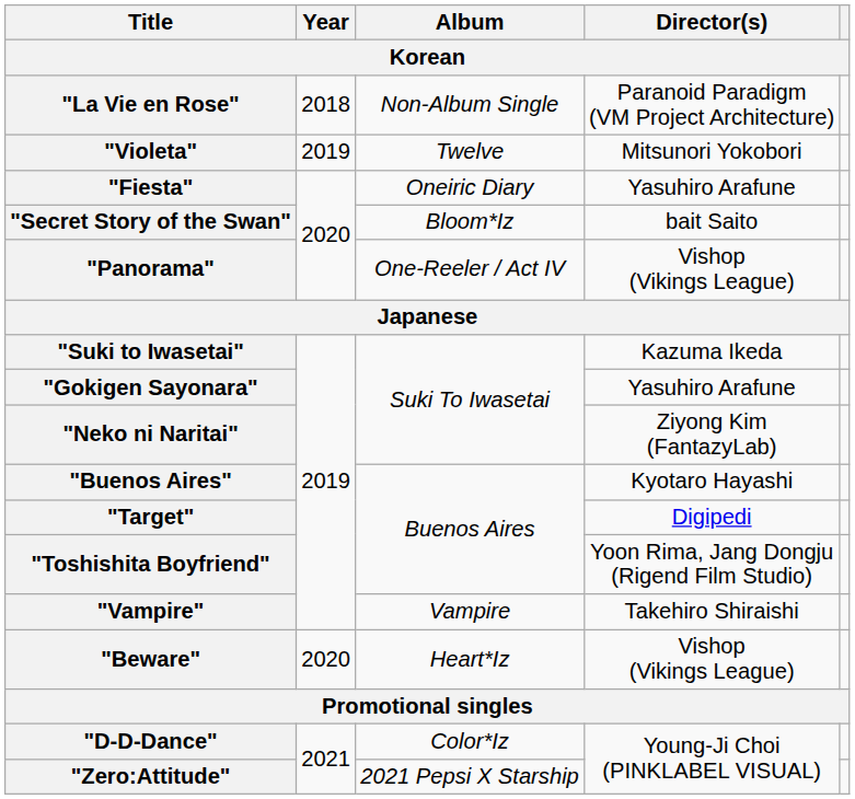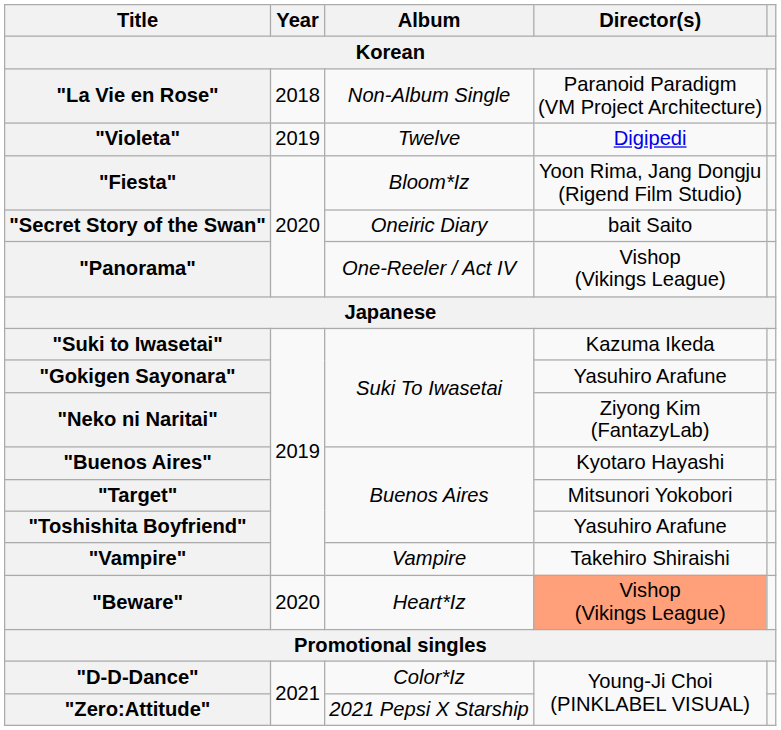 <table class="wikitable plainrowheaders" style="text-align:center;">
 <tr>
 <th>Title</th>
 <th>Year</th>
 <th>Album</th>
 <th>Director(s)</th>
 <th></th>
 </tr>
 <tr>
 <th colspan="5"><strong>Korean</strong></th>
 </tr>
 <tr>
 <th scope="row">"La Vie en Rose" </th>
 <td>2018</td>
 <td><em>Non-Album Single</em></td>
 <td>Paranoid Paradigm <br>(VM Project Architecture)</td>
 <td></td>
 </tr>
 <tr>
 <th scope="row">"Violeta" </th>
 <td>2019</td>
 <td><em>Twelve</em></td>
-<td>Mitsunori Yokobori</td>
+<td><a href='#'>Digipedi</a></td>
 <td></td>
 </tr>
 <tr>
 <th scope="row">"Fiesta"</th>
 <td rowspan="3">2020</td>
-<td><em>Oneiric Diary</em></td>
-<td>Yasuhiro Arafune</td>
+<td><em>Bloom*Iz</em></td>
+<td>Yoon Rima, Jang Dongju <br>(Rigend Film Studio)</td>
 <td></td>
 </tr>
 <tr>
 <th scope="row">"Secret Story of the Swan" </th>
-<td><em>Bloom*Iz</em></td>
+<td><em>Oneiric Diary</em></td>
 <td>bait Saito</td>
 <td></td>
 </tr>
 <tr>
 <th scope="row">"Panorama"</th>
 <td><em>One-Reeler / Act IV</em></td>
 <td>Vishop <br>(Vikings League)</td>
 <td></td>
 </tr>
 <tr>
 <th colspan="5"><strong>Japanese</strong></th>
 </tr>
 <tr>
 <th scope="row">"Suki to Iwasetai" </th>
 <td rowspan="7">2019</td>
 <td rowspan="3"><em>Suki To Iwasetai</em></td>
 <td>Kazuma Ikeda</td>
 <td></td>
 </tr>
 <tr>
 <th scope="row">"Gokigen Sayonara" </th>
 <td>Yasuhiro Arafune</td>
 <td></td>
 </tr>
 <tr>
 <th scope="row">"Neko ni Naritai" </th>
 <td>Ziyong Kim <br>(FantazyLab)</td>
 <td></td>
 </tr>
 <tr>
 <th scope="row">"Buenos Aires"</th>
 <td rowspan="3"><em>Buenos Aires</em></td>
 <td>Kyotaro Hayashi</td>
 <td></td>
 </tr>
 <tr>
 <th scope="row">"Target"</th>
-<td><a href='#'>Digipedi</a></td>
+<td>Mitsunori Yokobori</td>
 <td></td>
 </tr>
 <tr>
 <th scope="row">"Toshishita Boyfriend" </th>
-<td>Yoon Rima, Jang Dongju <br>(Rigend Film Studio)</td>
+<td>Yasuhiro Arafune</td>
 <td></td>
 </tr>
 <tr>
 <th scope="row">"Vampire"</th>
 <td><em>Vampire</em></td>
 <td>Takehiro Shiraishi</td>
 <td></td>
 </tr>
 <tr>
 <th scope="row">"Beware"</th>
 <td>2020</td>
 <td><em>Heart*Iz</em></td>
-<td>Vishop <br>(Vikings League)</td>
+<td style="background: lightsalmon;">Vishop <br>(Vikings League)</td>
 <td></td>
 </tr>
 <tr>
 <th colspan="5"><strong>Promotional singles</strong></th>
 </tr>
 <tr>
 <th scope="row">"D-D-Dance" <br></th>
 <td rowspan="2">2021</td>
 <td><em>Color*Iz</em></td>
 <td rowspan="2">Young-Ji Choi <br>(PINKLABEL VISUAL)</td>
 <td></td>
 </tr>
 <tr>
 <th scope="row">"Zero:Attitude" <br></th>
 <td><em>2021 Pepsi X Starship</em></td>
 <td></td>
 </tr>
 </table>
